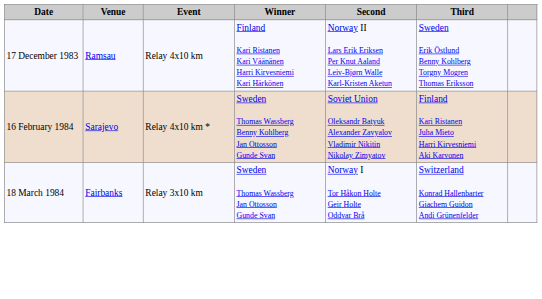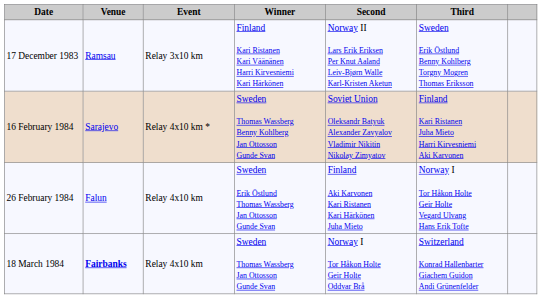 <table bgcolor="#f7f8ff" cellpadding="3" cellspacing="0" border="1" style="font-size: 95%; border: gray solid 1px; border-collapse: collapse;">
 <tr bgcolor="#CCCCCC">
 <td align="center" width="120"><strong>Date</strong></td>
 <td align="center" width="90"><strong>Venue</strong></td>
 <td align="center" width="140"><strong>Event</strong></td>
 <td align="center" width="140"><strong>Winner</strong></td>
 <td align="center" width="140"><strong>Second</strong></td>
 <td align="center" width="140"><strong>Third</strong></td>
 <td align="center" width="40"><strong></strong></td>
 </tr>
 <tr align="left">
 <td>17 December 1983</td>
 <td> <a href='#'>Ramsau</a></td>
-<td>Relay 4x10 km</td>
+<td>Relay 3x10 km</td>
 <td> <a href='#'>Finland</a><br><br><small><a href='#'>Kari Ristanen</a></small><br> <small><a href='#'>Kari Väänänen</a></small><br> <small><a href='#'>Harri Kirvesniemi</a></small><br> <small><a href='#'>Kari Härkönen</a></small></td>
 <td> <a href='#'>Norway</a> II<br><br><small><a href='#'>Lars Erik Eriksen</a></small><br> <small><a href='#'>Per Knut Aaland</a></small><br> <small><a href='#'>Leiv-Bjørn Walle</a></small><br> <small><a href='#'>Karl-Kristen Aketun</a></small></td>
 <td> <a href='#'>Sweden</a><br><br><small><a href='#'>Erik Östlund</a></small><br> <small><a href='#'>Benny Kohlberg</a></small><br> <small><a href='#'>Torgny Mogren</a></small><br> <small><a href='#'>Thomas Eriksson</a></small></td>
 <td></td>
 </tr>
 <tr align="left" bgcolor=#EFDECD>
 <td>16 February 1984</td>
 <td> <a href='#'>Sarajevo</a></td>
 <td>Relay 4x10 km *</td>
 <td> <a href='#'>Sweden</a><br><br><small><a href='#'>Thomas Wassberg</a></small><br> <small><a href='#'>Benny Kohlberg</a></small><br> <small><a href='#'>Jan Ottosson</a></small><br> <small><a href='#'>Gunde Svan</a></small></td>
 <td> <a href='#'>Soviet Union</a><br><br><small><a href='#'>Oleksandr Batyuk</a></small><br> <small><a href='#'>Alexander Zavyalov</a></small><br> <small><a href='#'>Vladimir Nikitin</a></small><br> <small><a href='#'>Nikolay Zimyatov</a></small></td>
 <td> <a href='#'>Finland</a><br><br><small><a href='#'>Kari Ristanen</a></small><br> <small><a href='#'>Juha Mieto</a></small><br> <small><a href='#'>Harri Kirvesniemi</a></small><br> <small><a href='#'>Aki Karvonen</a></small></td>
 <td></td>
 </tr>
 <tr align="left">
+<td>26 February 1984</td>
+<td> <a href='#'>Falun</a></td>
+<td>Relay 4x10 km</td>
+<td> <a href='#'>Sweden</a><br><br><small><a href='#'>Erik Östlund</a></small><br> <small><a href='#'>Thomas Wassberg</a></small><br> <small><a href='#'>Jan Ottosson</a></small><br> <small><a href='#'>Gunde Svan</a></small></td>
+<td> <a href='#'>Finland</a><br><br><small><a href='#'>Aki Karvonen</a></small><br> <small><a href='#'>Kari Ristanen</a></small><br> <small><a href='#'>Kari Härkönen</a></small><br> <small><a href='#'>Juha Mieto</a></small></td>
+<td> <a href='#'>Norway</a> I<br><br><small><a href='#'>Tor Håkon Holte</a></small><br> <small><a href='#'>Geir Holte</a></small><br> <small><a href='#'>Vegard Ulvang</a></small><br> <small><a href='#'>Hans Erik Tofte</a></small></td>
+<td></td>
+</tr>
+<tr align="left">
 <td>18 March 1984</td>
-<td> <a href='#'>Fairbanks</a></td>
-<td>Relay 3x10 km</td>
+<td><strong> <a href='#'>Fairbanks</a></strong></td>
+<td>Relay 4x10 km</td>
 <td> <a href='#'>Sweden</a><br><br><small><a href='#'>Thomas Wassberg</a></small><br> <small><a href='#'>Jan Ottosson</a></small><br> <small><a href='#'>Gunde Svan</a></small></td>
 <td> <a href='#'>Norway</a> I<br><br><small><a href='#'>Tor Håkon Holte</a></small><br> <small><a href='#'>Geir Holte</a></small><br> <small><a href='#'>Oddvar Brå</a></small></td>
 <td> <a href='#'>Switzerland</a><br><br><small><a href='#'>Konrad Hallenbarter</a></small><br> <small><a href='#'>Giachem Guidon</a></small><br> <small><a href='#'>Andi Grünenfelder</a></small></td>
 <td></td>
 </tr>
 </table>
